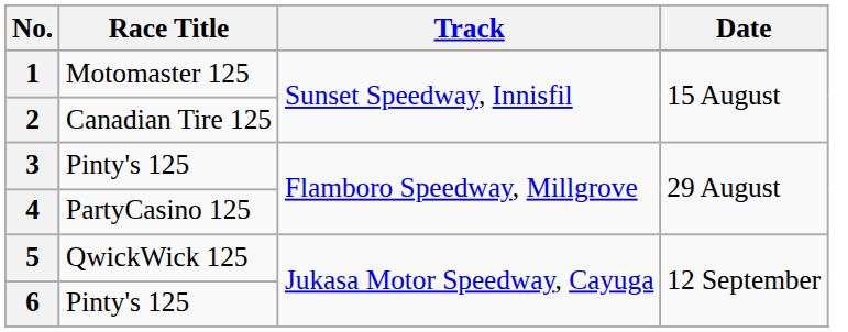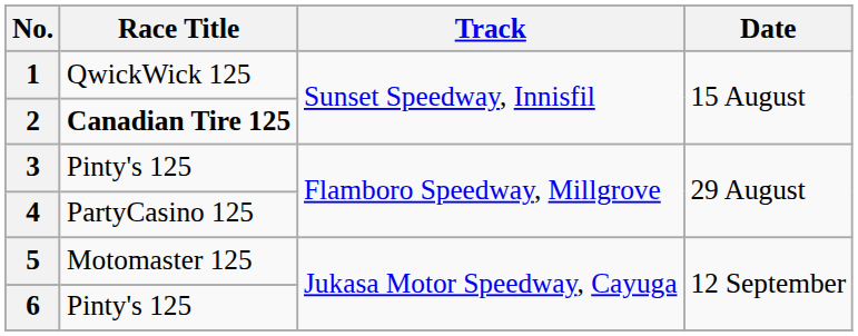 <table class="wikitable" style="font-size:85%;">
 <tr>
 <th>No.</th>
 <th>Race Title</th>
 <th><a href='#'>Track</a></th>
 <th>Date</th>
 </tr>
 <tr>
 <th>1</th>
-<td>Motomaster 125</td>
+<td>QwickWick 125</td>
 <td rowspan=2><a href='#'>Sunset Speedway</a>, <a href='#'>Innisfil</a></td>
 <td rowspan=2>15 August</td>
 </tr>
 <tr>
 <th>2</th>
-<td>Canadian Tire 125</td>
+<td><strong>Canadian Tire 125</strong></td>
 </tr>
 <tr>
 <th>3</th>
 <td>Pinty's 125</td>
 <td rowspan=2><a href='#'>Flamboro Speedway</a>, <a href='#'>Millgrove</a></td>
 <td rowspan=2>29 August</td>
 </tr>
 <tr>
 <th>4</th>
 <td>PartyCasino 125</td>
 </tr>
 <tr>
 <th>5</th>
-<td>QwickWick 125</td>
+<td>Motomaster 125</td>
 <td rowspan=2><a href='#'>Jukasa Motor Speedway</a>, <a href='#'>Cayuga</a></td>
 <td rowspan=2>12 September</td>
 </tr>
 <tr>
 <th>6</th>
 <td>Pinty's 125</td>
 </tr>
 </table>
